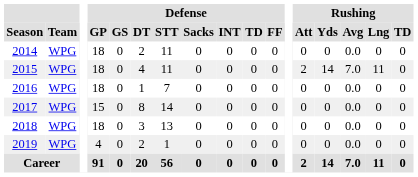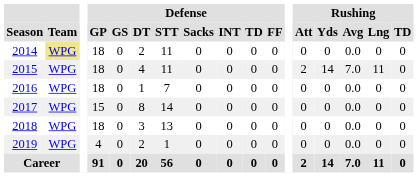 <table BORDER="0" CELLPADDING="3" CELLSPACING="0" ID="Table3">
 <tr style="text-align:center; background:#e0e0e0;">
 <th style="text-align:center;" colspan="2"></th>
 <th rowspan="99" style="text-align:center; background:#fff;"> </th>
 <th style="text-align:center;" colspan="8">Defense</th>
 <th rowspan="99" style="text-align:center; background:#fff;"> </th>
 <th style="text-align:center;" colspan="5">Rushing</th>
 </tr>
 <tr style="text-align:center; background:#e0e0e0;">
 <th style="text-align:center;">Season</th>
 <th style="text-align:center;">Team</th>
 <th style="text-align:center;">GP</th>
 <th style="text-align:center;">GS</th>
 <th style="text-align:center;">DT</th>
 <th style="text-align:center;">STT</th>
 <th style="text-align:center;">Sacks</th>
 <th style="text-align:center;">INT</th>
 <th style="text-align:center;">TD</th>
 <th style="text-align:center;">FF</th>
 <th style="text-align:center;">Att</th>
 <th style="text-align:center;">Yds</th>
 <th style="text-align:center;">Avg</th>
 <th style="text-align:center;">Lng</th>
 <th style="text-align:center;">TD</th>
 </tr>
 <tr style="text-align:center;">
 <td><a href='#'>2014</a></td>
-<td><a href='#'>WPG</a></td>
+<td style="background: khaki;"><a href='#'>WPG</a></td>
 <td>18</td>
 <td>0</td>
 <td>2</td>
 <td>11</td>
 <td>0</td>
 <td>0</td>
 <td>0</td>
 <td>0</td>
 <td>0</td>
 <td>0</td>
 <td>0.0</td>
 <td>0</td>
 <td>0</td>
 </tr>
 <tr style="text-align:center; background:#f0f0f0;">
 <td><a href='#'>2015</a></td>
 <td><a href='#'>WPG</a></td>
 <td>18</td>
 <td>0</td>
 <td>4</td>
 <td>11</td>
 <td>0</td>
 <td>0</td>
 <td>0</td>
 <td>0</td>
 <td>2</td>
 <td>14</td>
 <td>7.0</td>
 <td>11</td>
 <td>0</td>
 </tr>
 <tr style="text-align:center;">
 <td><a href='#'>2016</a></td>
 <td><a href='#'>WPG</a></td>
 <td>18</td>
 <td>0</td>
 <td>1</td>
 <td>7</td>
 <td>0</td>
 <td>0</td>
 <td>0</td>
 <td>0</td>
 <td>0</td>
 <td>0</td>
 <td>0.0</td>
 <td>0</td>
 <td>0</td>
 </tr>
 <tr style="text-align:center; background:#f0f0f0;">
 <td><a href='#'>2017</a></td>
 <td><a href='#'>WPG</a></td>
 <td>15</td>
 <td>0</td>
 <td>8</td>
 <td>14</td>
 <td>0</td>
 <td>0</td>
 <td>0</td>
 <td>0</td>
 <td>0</td>
 <td>0</td>
 <td>0.0</td>
 <td>0</td>
 <td>0</td>
 </tr>
 <tr style="text-align:center;">
 <td><a href='#'>2018</a></td>
 <td><a href='#'>WPG</a></td>
 <td>18</td>
 <td>0</td>
 <td>3</td>
 <td>13</td>
 <td>0</td>
 <td>0</td>
 <td>0</td>
 <td>0</td>
 <td>0</td>
 <td>0</td>
 <td>0.0</td>
 <td>0</td>
 <td>0</td>
 </tr>
 <tr style="text-align:center; background:#f0f0f0;">
 <td><a href='#'>2019</a></td>
 <td><a href='#'>WPG</a></td>
 <td>4</td>
 <td>0</td>
 <td>2</td>
 <td>1</td>
 <td>0</td>
 <td>0</td>
 <td>0</td>
 <td>0</td>
 <td>0</td>
 <td>0</td>
 <td>0.0</td>
 <td>0</td>
 <td>0</td>
 </tr>
 <tr bgcolor="#e0e0e0">
 <th colspan="2" style="text-align: center;">Career</th>
 <th style="text-align:center;">91</th>
 <th style="text-align:center;">0</th>
 <th style="text-align:center;">20</th>
 <th style="text-align:center;">56</th>
 <th style="text-align:center;">0</th>
 <th style="text-align:center;">0</th>
 <th style="text-align:center;">0</th>
 <th style="text-align:center;">0</th>
 <th style="text-align:center;">2</th>
 <th style="text-align:center;">14</th>
 <th style="text-align:center;">7.0</th>
 <th style="text-align:center;">11</th>
 <th style="text-align:center;">0</th>
 </tr>
 </table>
